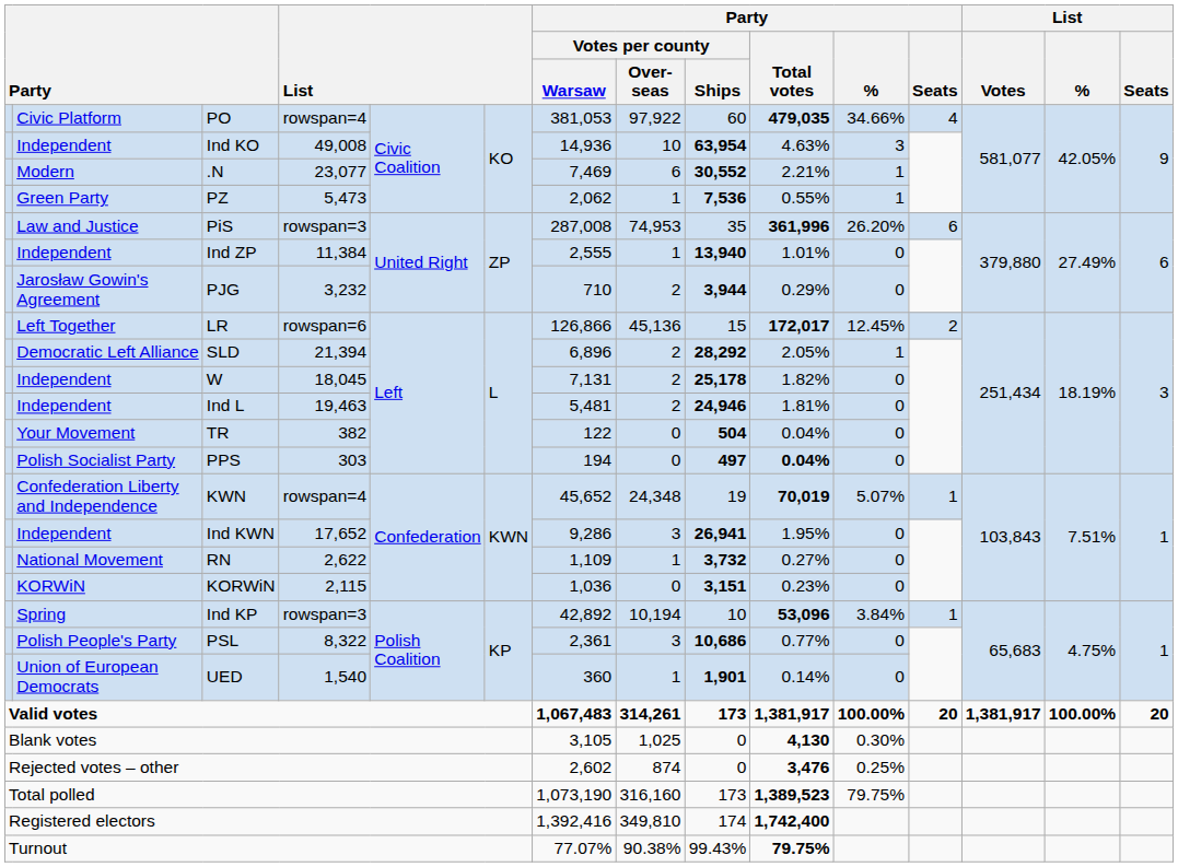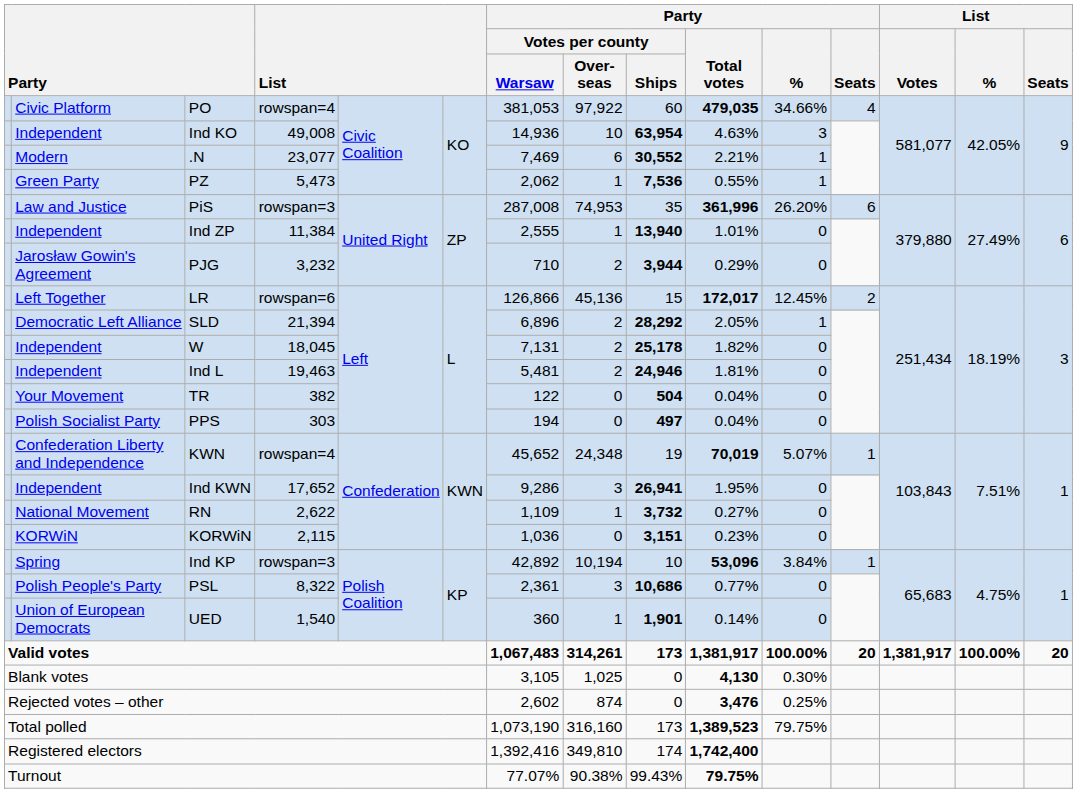 <table class="wikitable" border="1" style="text-align:right;">
 <tr>
 <th style="text-align:left;" valign=bottom rowspan=3 colspan=3>Party</th>
 <th style="text-align:left;" valign=bottom rowspan=3 colspan=3>List</th>
 <th colspan=6>Party</th>
 <th colspan=3>List</th>
 </tr>
 <tr>
 <th colspan=3>Votes per county</th>
 <th align=center valign=bottom rowspan=2 width="50">Total<br>votes</th>
 <th align=center valign=bottom rowspan=2 width="50">%</th>
 <th align=center valign=bottom rowspan=2 width="50">Seats</th>
 <th align=center valign=bottom rowspan=2 width="50">Votes</th>
 <th align=center valign=bottom rowspan=2 width="50">%</th>
 <th align=center valign=bottom rowspan=2 width="50">Seats</th>
 </tr>
 <tr>
 <th align=center valign=bottom width="50"><a href='#'>Warsaw</a></th>
 <th align=center valign=bottom width="50">Over-<br>seas</th>
 <th align=center valign=bottom width="50">Ships</th>
 </tr>
 <tr style="background:#CEE0F2;">
 <td></td>
 <td align=left><a href='#'>Civic Platform</a></td>
 <td align=left>PO</td>
 <td>rowspan=4 </td>
 <td rowspan=4 align=left><a href='#'>Civic Coalition</a></td>
 <td rowspan=4 align=left>KO</td>
 <td>381,053</td>
 <td>97,922</td>
 <td>60</td>
 <td><strong>479,035</strong></td>
 <td>34.66%</td>
 <td>4</td>
 <td rowspan=4>581,077</td>
 <td rowspan=4>42.05%</td>
 <td rowspan=4>9</td>
 </tr>
 <tr style="background:#CEE0F2;">
 <td></td>
 <td align=left><a href='#'>Independent</a></td>
 <td align=left>Ind KO</td>
 <td>49,008</td>
 <td>14,936</td>
 <td>10</td>
 <td><strong>63,954</strong></td>
 <td>4.63%</td>
 <td>3</td>
 </tr>
 <tr style="background:#CEE0F2;">
 <td></td>
 <td align=left><a href='#'>Modern</a></td>
 <td align=left>.N</td>
 <td>23,077</td>
 <td>7,469</td>
 <td>6</td>
 <td><strong>30,552</strong></td>
 <td>2.21%</td>
 <td>1</td>
 </tr>
 <tr style="background:#CEE0F2;">
 <td></td>
 <td align=left><a href='#'>Green Party</a></td>
 <td align=left>PZ</td>
 <td>5,473</td>
 <td>2,062</td>
 <td>1</td>
 <td><strong>7,536</strong></td>
 <td>0.55%</td>
 <td>1</td>
 </tr>
 <tr style="background:#CEE0F2;">
 <td></td>
 <td align=left><a href='#'>Law and Justice</a></td>
 <td align=left>PiS</td>
 <td>rowspan=3 </td>
 <td rowspan=3 align=left><a href='#'>United Right</a></td>
 <td rowspan=3 align=left>ZP</td>
 <td>287,008</td>
 <td>74,953</td>
 <td>35</td>
 <td><strong>361,996</strong></td>
 <td>26.20%</td>
 <td>6</td>
 <td rowspan=3>379,880</td>
 <td rowspan=3>27.49%</td>
 <td rowspan=3>6</td>
 </tr>
 <tr style="background:#CEE0F2;">
 <td></td>
 <td align=left><a href='#'>Independent</a></td>
 <td align=left>Ind ZP</td>
 <td>11,384</td>
 <td>2,555</td>
 <td>1</td>
 <td><strong>13,940</strong></td>
 <td>1.01%</td>
 <td>0</td>
 </tr>
 <tr style="background:#CEE0F2;">
 <td></td>
 <td align=left><a href='#'>Jarosław Gowin's Agreement</a></td>
 <td align=left>PJG</td>
 <td>3,232</td>
 <td>710</td>
 <td>2</td>
 <td><strong>3,944</strong></td>
 <td>0.29%</td>
 <td>0</td>
 </tr>
 <tr style="background:#CEE0F2;">
 <td></td>
 <td align=left><a href='#'>Left Together</a></td>
 <td align=left>LR</td>
 <td>rowspan=6 </td>
 <td rowspan=6 align=left><a href='#'>Left</a></td>
 <td rowspan=6 align=left>L</td>
 <td>126,866</td>
 <td>45,136</td>
 <td>15</td>
 <td><strong>172,017</strong></td>
 <td>12.45%</td>
 <td>2</td>
 <td rowspan=6>251,434</td>
 <td rowspan=6>18.19%</td>
 <td rowspan=6>3</td>
 </tr>
 <tr style="background:#CEE0F2;">
 <td></td>
 <td align=left style="white-space: nowrap;"><a href='#'>Democratic Left Alliance</a></td>
 <td align=left>SLD</td>
 <td>21,394</td>
 <td>6,896</td>
 <td>2</td>
 <td><strong>28,292</strong></td>
 <td>2.05%</td>
 <td>1</td>
 </tr>
 <tr style="background:#CEE0F2;">
 <td></td>
 <td align=left><a href='#'>Independent</a></td>
 <td align=left>W</td>
 <td>18,045</td>
 <td>7,131</td>
 <td>2</td>
 <td><strong>25,178</strong></td>
 <td>1.82%</td>
 <td>0</td>
 </tr>
 <tr style="background:#CEE0F2;">
 <td></td>
 <td align=left><a href='#'>Independent</a></td>
 <td align=left>Ind L</td>
 <td>19,463</td>
 <td>5,481</td>
 <td>2</td>
 <td><strong>24,946</strong></td>
 <td>1.81%</td>
 <td>0</td>
 </tr>
 <tr style="background:#CEE0F2;">
 <td></td>
 <td align=left><a href='#'>Your Movement</a></td>
 <td align=left>TR</td>
 <td>382</td>
 <td>122</td>
 <td>0</td>
 <td><strong>504</strong></td>
 <td>0.04%</td>
 <td>0</td>
 </tr>
 <tr style="background:#CEE0F2;">
 <td></td>
 <td align=left><a href='#'>Polish Socialist Party</a></td>
 <td align=left>PPS</td>
 <td>303</td>
 <td>194</td>
 <td>0</td>
 <td><strong>497</strong></td>
-<td><strong>0.04%</strong></td>
+<td>0.04%</td>
 <td>0</td>
 </tr>
 <tr style="background:#CEE0F2;">
 <td></td>
 <td align=left><a href='#'>Confederation Liberty<br>and Independence</a></td>
 <td align=left>KWN</td>
 <td>rowspan=4 </td>
 <td rowspan=4 align=left><a href='#'>Confederation</a></td>
 <td rowspan=4 align=left>KWN</td>
 <td>45,652</td>
 <td>24,348</td>
 <td>19</td>
 <td><strong>70,019</strong></td>
 <td>5.07%</td>
 <td>1</td>
 <td rowspan=4>103,843</td>
 <td rowspan=4>7.51%</td>
 <td rowspan=4>1</td>
 </tr>
 <tr style="background:#CEE0F2;">
 <td></td>
 <td align=left><a href='#'>Independent</a></td>
 <td align=left>Ind KWN</td>
 <td>17,652</td>
 <td>9,286</td>
 <td>3</td>
 <td><strong>26,941</strong></td>
 <td>1.95%</td>
 <td>0</td>
 </tr>
 <tr style="background:#CEE0F2;">
 <td></td>
 <td align=left><a href='#'>National Movement</a></td>
 <td align=left>RN</td>
 <td>2,622</td>
 <td>1,109</td>
 <td>1</td>
 <td><strong>3,732</strong></td>
 <td>0.27%</td>
 <td>0</td>
 </tr>
 <tr style="background:#CEE0F2;">
 <td></td>
 <td align=left><a href='#'>KORWiN</a></td>
 <td align=left>KORWiN</td>
 <td>2,115</td>
 <td>1,036</td>
 <td>0</td>
 <td><strong>3,151</strong></td>
 <td>0.23%</td>
 <td>0</td>
 </tr>
 <tr style="background:#CEE0F2;">
 <td></td>
 <td align=left><a href='#'>Spring</a></td>
 <td align=left>Ind KP</td>
 <td>rowspan=3 </td>
 <td rowspan=3 align=left><a href='#'>Polish Coalition</a></td>
 <td rowspan=3 align=left>KP</td>
 <td>42,892</td>
 <td>10,194</td>
 <td>10</td>
 <td><strong>53,096</strong></td>
 <td>3.84%</td>
 <td>1</td>
 <td rowspan=3>65,683</td>
 <td rowspan=3>4.75%</td>
 <td rowspan=3>1</td>
 </tr>
 <tr style="background:#CEE0F2;">
 <td></td>
 <td align=left><a href='#'>Polish People's Party</a></td>
 <td align=left>PSL</td>
 <td>8,322</td>
 <td>2,361</td>
 <td>3</td>
 <td><strong>10,686</strong></td>
 <td>0.77%</td>
 <td>0</td>
 </tr>
 <tr style="background:#CEE0F2;">
 <td></td>
 <td align=left><a href='#'>Union of European Democrats</a></td>
 <td align=left>UED</td>
 <td>1,540</td>
 <td>360</td>
 <td>1</td>
 <td><strong>1,901</strong></td>
 <td>0.14%</td>
 <td>0</td>
 </tr>
 <tr style="font-weight:bold">
 <td align=left colspan=6>Valid votes</td>
 <td>1,067,483</td>
 <td>314,261</td>
 <td>173</td>
 <td>1,381,917</td>
 <td>100.00%</td>
 <td>20</td>
 <td>1,381,917</td>
 <td>100.00%</td>
 <td>20</td>
 </tr>
 <tr>
 <td align=left colspan=6>Blank votes</td>
 <td>3,105</td>
 <td>1,025</td>
 <td>0</td>
 <td><strong>4,130</strong></td>
 <td>0.30%</td>
 <td></td>
 <td></td>
 <td></td>
 <td></td>
 </tr>
 <tr>
 <td align=left colspan=6>Rejected votes – other</td>
 <td>2,602</td>
 <td>874</td>
 <td>0</td>
 <td><strong>3,476</strong></td>
 <td>0.25%</td>
 <td></td>
 <td></td>
 <td></td>
 <td></td>
 </tr>
 <tr>
 <td align=left colspan=6>Total polled</td>
 <td>1,073,190</td>
 <td>316,160</td>
 <td>173</td>
 <td><strong>1,389,523</strong></td>
 <td>79.75%</td>
 <td></td>
 <td></td>
 <td></td>
 <td></td>
 </tr>
 <tr>
 <td align=left colspan=6>Registered electors</td>
 <td>1,392,416</td>
 <td>349,810</td>
 <td>174</td>
 <td><strong>1,742,400</strong></td>
 <td></td>
 <td></td>
 <td></td>
 <td></td>
 <td></td>
 </tr>
 <tr>
 <td align=left colspan=6>Turnout</td>
 <td>77.07%</td>
 <td>90.38%</td>
 <td>99.43%</td>
 <td><strong>79.75%</strong></td>
 <td></td>
 <td></td>
 <td></td>
 <td></td>
 <td></td>
 </tr>
 </table>
